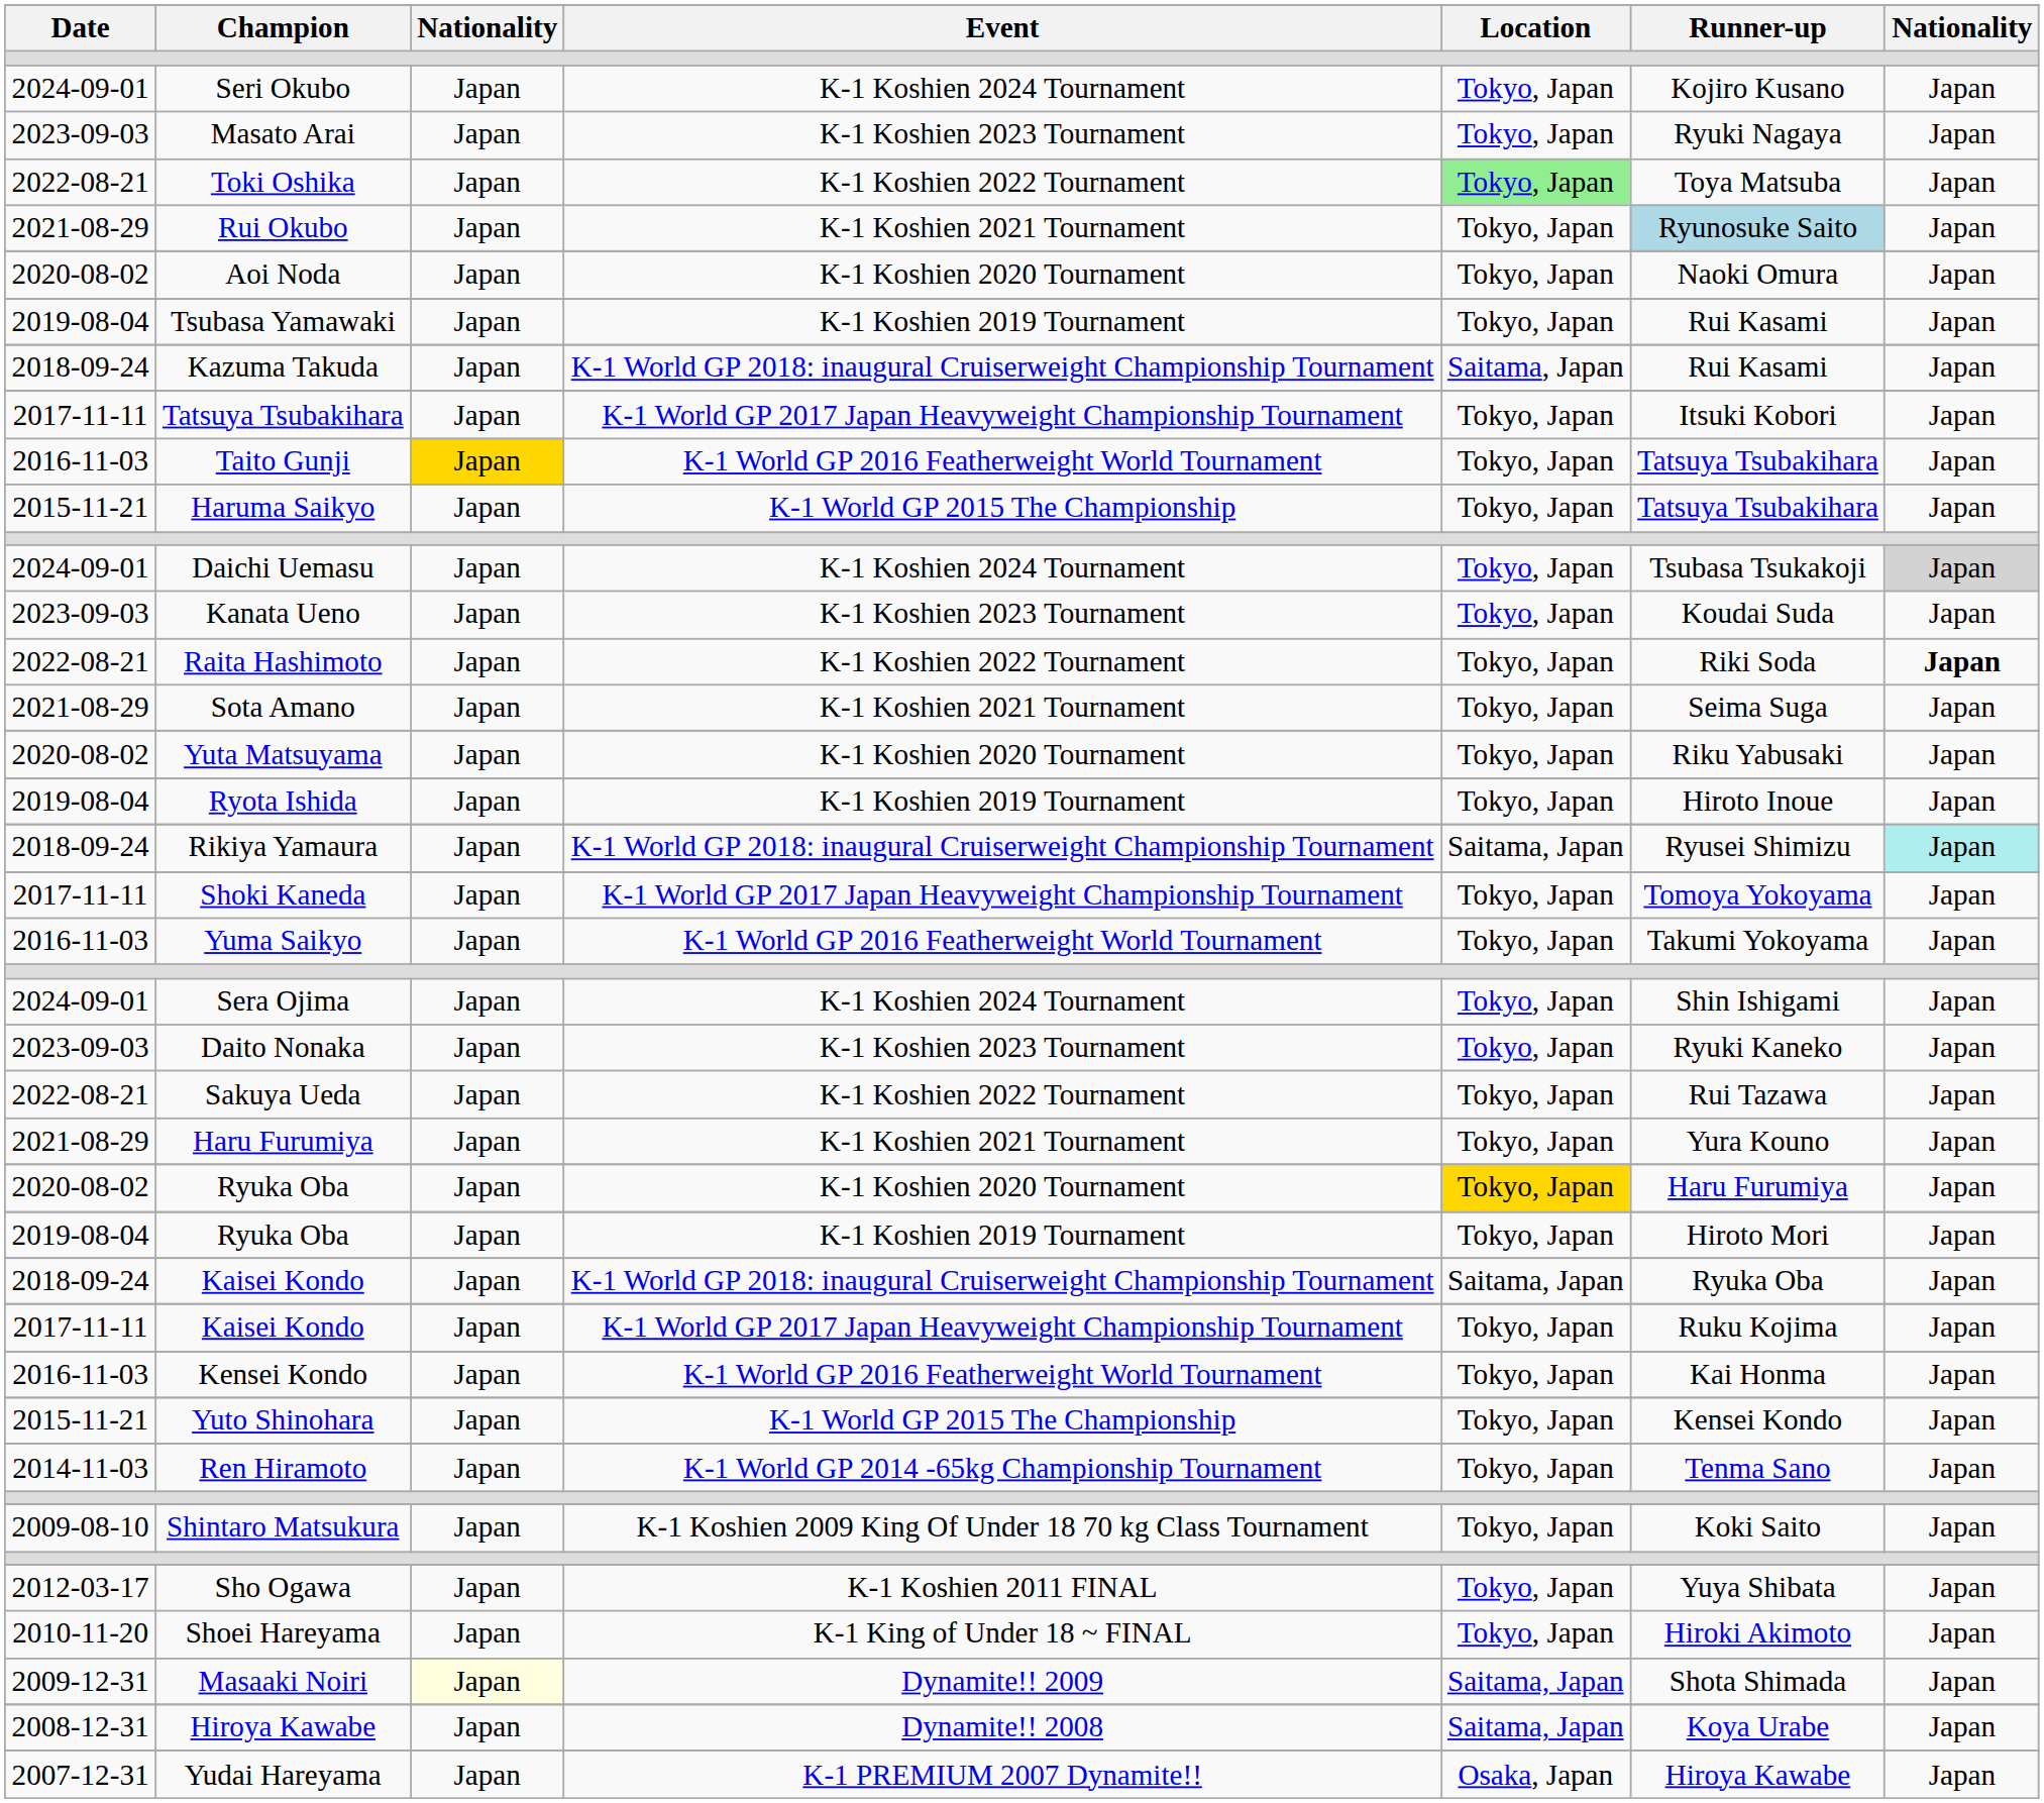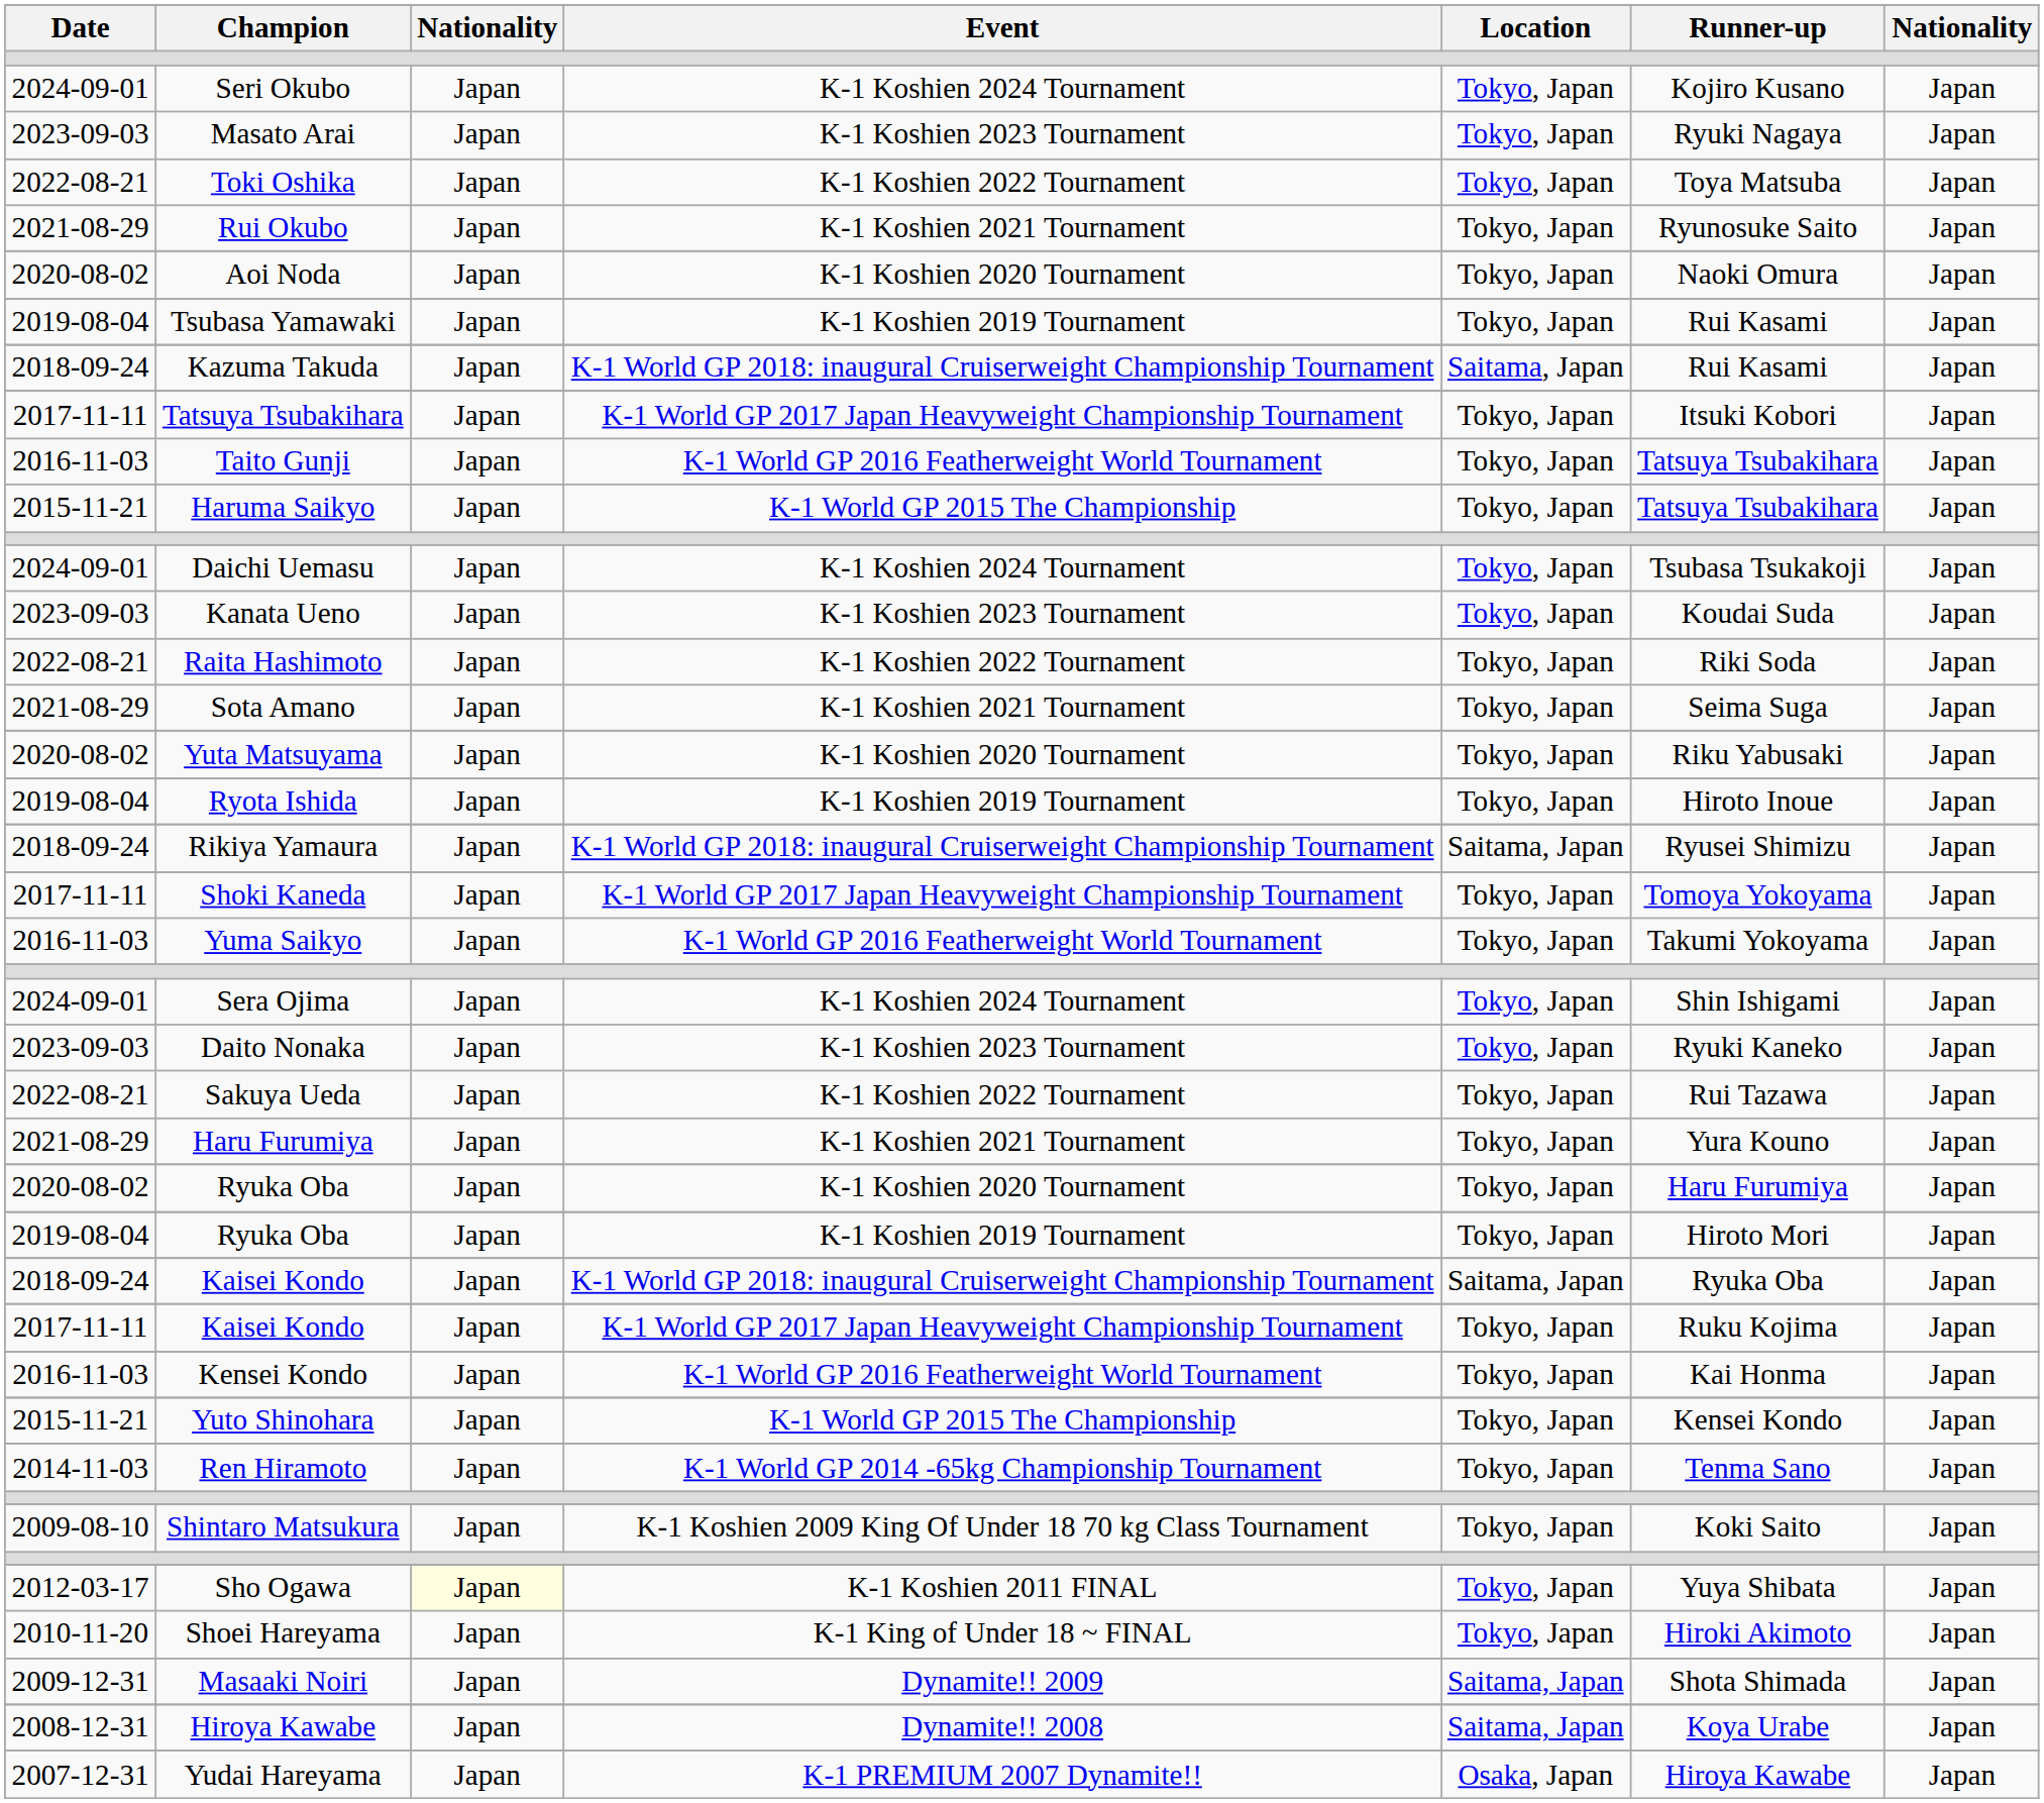 <table class="wikitable" style="text-align:center">
 <tr>
 </tr>
 <tr bgcolor="#dddddd">
 <th>Date</th>
 <th>Champion</th>
 <th>Nationality</th>
 <th>Event</th>
 <th>Location</th>
 <th>Runner-up</th>
 <th>Nationality</th>
 </tr>
 <tr>
 <th style=background:#dddddd colspan=9></th>
 </tr>
 <tr>
 <td>2024-09-01</td>
 <td>Seri Okubo</td>
 <td> Japan</td>
 <td>K-1 Koshien 2024 Tournament</td>
 <td><a href='#'>Tokyo</a>, Japan</td>
 <td>Kojiro Kusano</td>
 <td> Japan</td>
 </tr>
 <tr>
 <td>2023-09-03</td>
 <td>Masato Arai</td>
 <td> Japan</td>
 <td>K-1 Koshien 2023 Tournament</td>
 <td><a href='#'>Tokyo</a>, Japan</td>
 <td>Ryuki Nagaya</td>
 <td> Japan</td>
 </tr>
 <tr>
 <td>2022-08-21</td>
 <td><a href='#'>Toki Oshika</a></td>
 <td> Japan</td>
 <td>K-1 Koshien 2022 Tournament</td>
-<td style="background: lightgreen;"><a href='#'>Tokyo</a>, Japan</td>
+<td><a href='#'>Tokyo</a>, Japan</td>
 <td>Toya Matsuba</td>
 <td> Japan</td>
 </tr>
 <tr>
 <td>2021-08-29</td>
 <td><a href='#'>Rui Okubo</a></td>
 <td> Japan</td>
 <td>K-1 Koshien 2021 Tournament</td>
 <td>Tokyo, Japan</td>
-<td style="background: lightblue;">Ryunosuke Saito</td>
+<td>Ryunosuke Saito</td>
 <td> Japan</td>
 </tr>
 <tr>
 </tr>
 <tr>
 <td>2020-08-02</td>
 <td>Aoi Noda</td>
 <td> Japan</td>
 <td>K-1 Koshien 2020 Tournament</td>
 <td>Tokyo, Japan</td>
 <td>Naoki Omura</td>
 <td> Japan</td>
 </tr>
 <tr>
 </tr>
 <tr>
 <td>2019-08-04</td>
 <td>Tsubasa Yamawaki</td>
 <td> Japan</td>
 <td>K-1 Koshien 2019 Tournament</td>
 <td>Tokyo, Japan</td>
 <td>Rui Kasami</td>
 <td> Japan</td>
 </tr>
 <tr>
 </tr>
 <tr>
 <td>2018-09-24</td>
 <td>Kazuma Takuda</td>
 <td> Japan</td>
 <td><a href='#'>K-1 World GP 2018: inaugural Cruiserweight Championship Tournament</a></td>
 <td><a href='#'>Saitama</a>, Japan</td>
 <td>Rui Kasami</td>
 <td> Japan</td>
 </tr>
 <tr>
 </tr>
 <tr>
 <td>2017-11-11</td>
 <td><a href='#'>Tatsuya Tsubakihara</a></td>
 <td> Japan</td>
 <td><a href='#'>K-1 World GP 2017 Japan Heavyweight Championship Tournament</a></td>
 <td>Tokyo, Japan</td>
 <td>Itsuki Kobori</td>
 <td> Japan</td>
 </tr>
 <tr>
 <td>2016-11-03</td>
 <td><a href='#'>Taito Gunji</a></td>
-<td style="background: gold;"> Japan</td>
+<td> Japan</td>
 <td><a href='#'>K-1 World GP 2016 Featherweight World Tournament</a></td>
 <td>Tokyo, Japan</td>
 <td><a href='#'>Tatsuya Tsubakihara</a></td>
 <td> Japan</td>
 </tr>
 <tr>
 <td>2015-11-21</td>
 <td><a href='#'>Haruma Saikyo</a></td>
 <td> Japan</td>
 <td><a href='#'>K-1 World GP 2015 The Championship</a></td>
 <td>Tokyo, Japan</td>
 <td><a href='#'>Tatsuya Tsubakihara</a></td>
 <td> Japan</td>
 </tr>
 <tr>
 <th style=background:#dddddd colspan=9></th>
 </tr>
 <tr>
 <td>2024-09-01</td>
 <td>Daichi Uemasu</td>
 <td> Japan</td>
 <td>K-1 Koshien 2024 Tournament</td>
 <td><a href='#'>Tokyo</a>, Japan</td>
 <td>Tsubasa Tsukakoji</td>
-<td style="background: lightgrey;"> Japan</td>
+<td> Japan</td>
 </tr>
 <tr>
 <td>2023-09-03</td>
 <td>Kanata Ueno</td>
 <td> Japan</td>
 <td>K-1 Koshien 2023 Tournament</td>
 <td><a href='#'>Tokyo</a>, Japan</td>
 <td>Koudai Suda</td>
 <td> Japan</td>
 </tr>
 <tr>
 <td>2022-08-21</td>
 <td><a href='#'>Raita Hashimoto</a></td>
 <td> Japan</td>
 <td>K-1 Koshien 2022 Tournament</td>
 <td>Tokyo, Japan</td>
 <td>Riki Soda</td>
-<td><strong> Japan</strong></td>
+<td> Japan</td>
 </tr>
 <tr>
 <td>2021-08-29</td>
 <td>Sota Amano</td>
 <td> Japan</td>
 <td>K-1 Koshien 2021 Tournament</td>
 <td>Tokyo, Japan</td>
 <td>Seima Suga</td>
 <td> Japan</td>
 </tr>
 <tr>
 </tr>
 <tr>
 <td>2020-08-02</td>
 <td><a href='#'>Yuta Matsuyama</a></td>
 <td> Japan</td>
 <td>K-1 Koshien 2020 Tournament</td>
 <td>Tokyo, Japan</td>
 <td>Riku Yabusaki</td>
 <td> Japan</td>
 </tr>
 <tr>
 </tr>
 <tr>
 <td>2019-08-04</td>
 <td><a href='#'>Ryota Ishida</a></td>
 <td> Japan</td>
 <td>K-1 Koshien 2019 Tournament</td>
 <td>Tokyo, Japan</td>
 <td>Hiroto Inoue</td>
 <td> Japan</td>
 </tr>
 <tr>
 </tr>
 <tr>
 <td>2018-09-24</td>
 <td>Rikiya Yamaura</td>
 <td> Japan</td>
 <td><a href='#'>K-1 World GP 2018: inaugural Cruiserweight Championship Tournament</a></td>
 <td>Saitama, Japan</td>
 <td>Ryusei Shimizu</td>
-<td style="background: paleturquoise;"> Japan</td>
+<td> Japan</td>
 </tr>
 <tr>
 </tr>
 <tr>
 <td>2017-11-11</td>
 <td><a href='#'>Shoki Kaneda</a></td>
 <td> Japan</td>
 <td><a href='#'>K-1 World GP 2017 Japan Heavyweight Championship Tournament</a></td>
 <td>Tokyo, Japan</td>
 <td><a href='#'>Tomoya Yokoyama</a></td>
 <td> Japan</td>
 </tr>
 <tr>
 <td>2016-11-03</td>
 <td><a href='#'>Yuma Saikyo</a></td>
 <td> Japan</td>
 <td><a href='#'>K-1 World GP 2016 Featherweight World Tournament</a></td>
 <td>Tokyo, Japan</td>
 <td>Takumi Yokoyama</td>
 <td> Japan</td>
 </tr>
 <tr>
 <th style=background:#dddddd colspan=9></th>
 </tr>
 <tr>
 <td>2024-09-01</td>
 <td>Sera Ojima</td>
 <td> Japan</td>
 <td>K-1 Koshien 2024 Tournament</td>
 <td><a href='#'>Tokyo</a>, Japan</td>
 <td>Shin Ishigami</td>
 <td> Japan</td>
 </tr>
 <tr>
 <td>2023-09-03</td>
 <td>Daito Nonaka</td>
 <td> Japan</td>
 <td>K-1 Koshien 2023 Tournament</td>
 <td><a href='#'>Tokyo</a>, Japan</td>
 <td>Ryuki Kaneko</td>
 <td> Japan</td>
 </tr>
 <tr>
 <td>2022-08-21</td>
 <td>Sakuya Ueda</td>
 <td> Japan</td>
 <td>K-1 Koshien 2022 Tournament</td>
 <td>Tokyo, Japan</td>
 <td>Rui Tazawa</td>
 <td> Japan</td>
 </tr>
 <tr>
 <td>2021-08-29</td>
 <td><a href='#'>Haru Furumiya</a></td>
 <td> Japan</td>
 <td>K-1 Koshien 2021 Tournament</td>
 <td>Tokyo, Japan</td>
 <td>Yura Kouno</td>
 <td> Japan</td>
 </tr>
 <tr>
 </tr>
 <tr>
 <td>2020-08-02</td>
 <td>Ryuka Oba</td>
 <td> Japan</td>
 <td>K-1 Koshien 2020 Tournament</td>
-<td style="background: gold;">Tokyo, Japan</td>
+<td>Tokyo, Japan</td>
 <td><a href='#'>Haru Furumiya</a></td>
 <td> Japan</td>
 </tr>
 <tr>
 </tr>
 <tr>
 <td>2019-08-04</td>
 <td>Ryuka Oba</td>
 <td> Japan</td>
 <td>K-1 Koshien 2019 Tournament</td>
 <td>Tokyo, Japan</td>
 <td>Hiroto Mori</td>
 <td> Japan</td>
 </tr>
 <tr>
 </tr>
 <tr>
 <td>2018-09-24</td>
 <td><a href='#'>Kaisei Kondo</a></td>
 <td> Japan</td>
 <td><a href='#'>K-1 World GP 2018: inaugural Cruiserweight Championship Tournament</a></td>
 <td>Saitama, Japan</td>
 <td>Ryuka Oba</td>
 <td> Japan</td>
 </tr>
 <tr>
 </tr>
 <tr>
 <td>2017-11-11</td>
 <td><a href='#'>Kaisei Kondo</a></td>
 <td> Japan</td>
 <td><a href='#'>K-1 World GP 2017 Japan Heavyweight Championship Tournament</a></td>
 <td>Tokyo, Japan</td>
 <td>Ruku Kojima</td>
 <td> Japan</td>
 </tr>
 <tr>
 </tr>
 <tr>
 <td>2016-11-03</td>
 <td>Kensei Kondo</td>
 <td> Japan</td>
 <td><a href='#'>K-1 World GP 2016 Featherweight World Tournament</a></td>
 <td>Tokyo, Japan</td>
 <td>Kai Honma</td>
 <td> Japan</td>
 </tr>
 <tr>
 </tr>
 <tr>
 <td>2015-11-21</td>
 <td><a href='#'>Yuto Shinohara</a></td>
 <td> Japan</td>
 <td><a href='#'>K-1 World GP 2015 The Championship</a></td>
 <td>Tokyo, Japan</td>
 <td>Kensei Kondo</td>
 <td> Japan</td>
 </tr>
 <tr>
 </tr>
 <tr>
 <td>2014-11-03</td>
 <td><a href='#'>Ren Hiramoto</a></td>
 <td> Japan</td>
 <td><a href='#'>K-1 World GP 2014 -65kg Championship Tournament</a></td>
 <td>Tokyo, Japan</td>
 <td><a href='#'>Tenma Sano</a></td>
 <td> Japan</td>
 </tr>
 <tr>
 <th style=background:#dddddd colspan=9></th>
 </tr>
 <tr>
 </tr>
 <tr>
 <td>2009-08-10</td>
 <td><a href='#'>Shintaro Matsukura</a></td>
 <td> Japan</td>
 <td>K-1 Koshien 2009 King Of Under 18 70 kg Class Tournament</td>
 <td>Tokyo, Japan</td>
 <td>Koki Saito</td>
 <td> Japan</td>
 </tr>
 <tr>
 <th style=background:#dddddd colspan=9></th>
 </tr>
 <tr>
 </tr>
 <tr>
 <td>2012-03-17</td>
 <td>Sho Ogawa</td>
-<td> Japan</td>
+<td style="background: lightyellow;"> Japan</td>
 <td>K-1 Koshien 2011 FINAL</td>
 <td><a href='#'>Tokyo</a>, Japan</td>
 <td>Yuya Shibata</td>
 <td> Japan</td>
 </tr>
 <tr>
 <td>2010-11-20</td>
 <td>Shoei Hareyama</td>
 <td> Japan</td>
 <td>K-1 King of Under 18 ~ FINAL</td>
 <td><a href='#'>Tokyo</a>, Japan</td>
 <td><a href='#'>Hiroki Akimoto</a></td>
 <td> Japan</td>
 </tr>
 <tr>
 <td>2009-12-31</td>
 <td><a href='#'>Masaaki Noiri</a></td>
-<td style="background: lightyellow;"> Japan</td>
+<td> Japan</td>
 <td><a href='#'>Dynamite!! 2009</a></td>
 <td><a href='#'>Saitama, Japan</a></td>
 <td>Shota Shimada</td>
 <td> Japan</td>
 </tr>
 <tr>
 </tr>
 <tr>
 <td>2008-12-31</td>
 <td><a href='#'>Hiroya Kawabe</a></td>
 <td> Japan</td>
 <td><a href='#'>Dynamite!! 2008</a></td>
 <td><a href='#'>Saitama, Japan</a></td>
 <td><a href='#'>Koya Urabe</a></td>
 <td> Japan</td>
 </tr>
 <tr>
 </tr>
 <tr>
 <td>2007-12-31</td>
 <td>Yudai Hareyama</td>
 <td> Japan</td>
 <td><a href='#'>K-1 PREMIUM 2007 Dynamite!!</a></td>
 <td><a href='#'>Osaka</a>, Japan</td>
 <td><a href='#'>Hiroya Kawabe</a></td>
 <td> Japan</td>
 </tr>
 </table>
